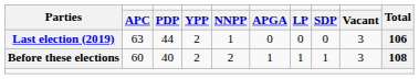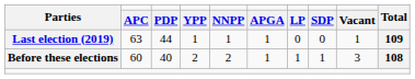 <table class=wikitable style=text-align:center>
 <tr>
 <th colspan=3 rowspan=2>Parties</th>
 <td style="background-color:"></td>
 <td style="background-color:"></td>
 <td style="background-color:"></td>
 <td style="background-color:"></td>
 <td style="background-color:"></td>
 <td style="background-color:"></td>
 <td style="background-color:"></td>
 <td style="background-color:"></td>
 <th rowspan=2>Total</th>
 </tr>
 <tr>
 <th><a href='#'>APC</a></th>
 <th><a href='#'>PDP</a></th>
 <th><a href='#'>YPP</a></th>
 <th><a href='#'>NNPP</a></th>
 <th><a href='#'>APGA</a></th>
 <th><a href='#'>LP</a></th>
 <th><a href='#'>SDP</a></th>
 <th>Vacant</th>
 </tr>
 <tr>
 <th colspan=3><a href='#'>Last election (2019)</a></th>
 <td>63</td>
 <td>44</td>
-<td>2</td>
+<td>1</td>
+<td>1</td>
 <td>1</td>
 <td>0</td>
 <td>0</td>
-<td>0</td>
-<td>3</td>
-<th>106</th>
+<td>1</td>
+<th>109</th>
 </tr>
 <tr>
 <th colspan=3>Before these elections</th>
 <td>60</td>
 <td>40</td>
 <td>2</td>
 <td>2</td>
 <td>1</td>
 <td>1</td>
 <td>1</td>
 <td>3</td>
 <th>108</th>
 </tr>
 <tr>
 <td colspan=100></td>
 </tr>
 </table>
